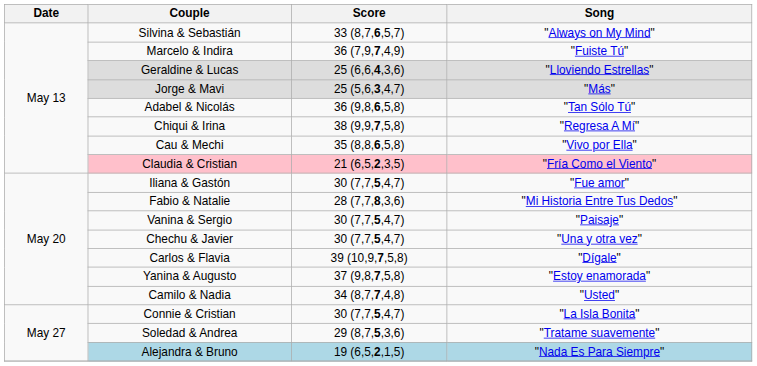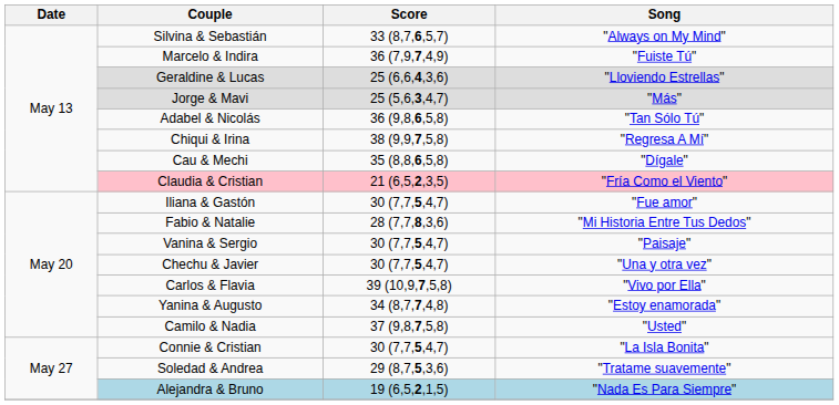 <table class="wikitable" style="width:80%; text-align:center;">
 <tr>
 <th>Date</th>
 <th>Couple</th>
 <th>Score</th>
 <th>Song </th>
 </tr>
 <tr>
 <td rowspan=8>May 13</td>
 <td>Silvina & Sebastián</td>
 <td>33 (8,7,<strong>6</strong>,5,7)</td>
 <td>"<a href='#'>Always on My Mind</a>" </td>
 </tr>
 <tr>
 <td>Marcelo & Indira</td>
 <td>36 (7,9,<strong>7</strong>,4,9)</td>
 <td>"<a href='#'>Fuiste Tú</a>" </td>
 </tr>
 <tr style="background:#dddddd;">
 <td>Geraldine & Lucas</td>
 <td>25 (6,6,<strong>4</strong>,3,6)</td>
 <td>"<a href='#'>Lloviendo Estrellas</a>" </td>
 </tr>
 <tr style="background:#dddddd;">
 <td>Jorge & Mavi</td>
 <td>25 (5,6,<strong>3</strong>,4,7)</td>
 <td>"<a href='#'>Más</a>" </td>
 </tr>
 <tr>
 <td>Adabel & Nicolás</td>
 <td>36 (9,8,<strong>6</strong>,5,8)</td>
 <td>"<a href='#'>Tan Sólo Tú</a>" </td>
 </tr>
 <tr>
 <td>Chiqui & Irina</td>
 <td>38 (9,9,<strong>7</strong>,5,8)</td>
 <td>"<a href='#'>Regresa A Mí</a>" </td>
 </tr>
 <tr>
 <td>Cau & Mechi</td>
 <td>35 (8,8,<strong>6</strong>,5,8)</td>
-<td>"<a href='#'>Vivo por Ella</a>" </td>
+<td>"<a href='#'>Dígale</a>" </td>
 </tr>
 <tr style="background:pink;">
 <td>Claudia & Cristian</td>
 <td>21 (6,5,<strong>2</strong>,3,5)</td>
 <td>"<a href='#'>Fría Como el Viento</a>" </td>
 </tr>
 <tr>
 <td rowspan=7>May 20</td>
 <td>Iliana & Gastón</td>
 <td>30 (7,7,<strong>5</strong>,4,7)</td>
 <td>"<a href='#'>Fue amor</a>" </td>
 </tr>
 <tr>
 <td>Fabio & Natalie</td>
 <td>28 (7,7,<strong>8</strong>,3,6)</td>
 <td>"<a href='#'>Mi Historia Entre Tus Dedos</a>" </td>
 </tr>
 <tr>
 <td>Vanina & Sergio</td>
 <td>30 (7,7,<strong>5</strong>,4,7)</td>
 <td>"<a href='#'>Paisaje</a>" </td>
 </tr>
 <tr>
 <td>Chechu & Javier</td>
 <td>30 (7,7,<strong>5</strong>,4,7)</td>
 <td>"<a href='#'>Una y otra vez</a>" </td>
 </tr>
 <tr>
 <td>Carlos & Flavia</td>
 <td>39 (10,9,<strong>7</strong>,5,8)</td>
-<td>"<a href='#'>Dígale</a>" </td>
+<td>"<a href='#'>Vivo por Ella</a>" </td>
 </tr>
 <tr>
 <td>Yanina & Augusto</td>
-<td>37 (9,8,<strong>7</strong>,5,8)</td>
+<td>34 (8,7,<strong>7</strong>,4,8)</td>
 <td>"<a href='#'>Estoy enamorada</a>" </td>
 </tr>
 <tr>
 <td>Camilo & Nadia</td>
-<td>34 (8,7,<strong>7</strong>,4,8)</td>
+<td>37 (9,8,<strong>7</strong>,5,8)</td>
 <td>"<a href='#'>Usted</a>" </td>
 </tr>
 <tr>
 <td rowspan=3>May 27</td>
 <td>Connie & Cristian</td>
 <td>30 (7,7,<strong>5</strong>,4,7)</td>
 <td>"<a href='#'>La Isla Bonita</a>" </td>
 </tr>
 <tr>
 <td>Soledad & Andrea</td>
 <td>29 (8,7,<strong>5</strong>,3,6)</td>
 <td>"<a href='#'>Tratame suavemente</a>" </td>
 </tr>
 <tr style="background:lightblue;">
 <td>Alejandra & Bruno</td>
 <td>19 (6,5,<strong>2</strong>,1,5)</td>
 <td>"<a href='#'>Nada Es Para Siempre</a>" </td>
 </tr>
 <tr>
 </tr>
 </table>
